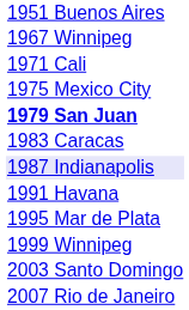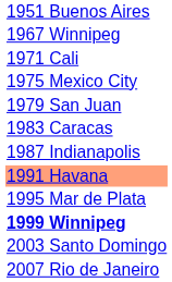 <table>
 <tr>
 <td><a href='#'>1951 Buenos Aires</a></td>
 <td></td>
 <td></td>
 <td></td>
 </tr>
 <tr>
 <td><a href='#'>1967 Winnipeg</a></td>
 <td></td>
 <td></td>
 <td></td>
 </tr>
 <tr>
 <td><a href='#'>1971 Cali</a></td>
 <td></td>
 <td></td>
 <td></td>
 </tr>
 <tr>
 <td><a href='#'>1975 Mexico City</a></td>
 <td></td>
 <td></td>
 <td></td>
 </tr>
 <tr>
-<td><strong><a href='#'>1979 San Juan</a></strong></td>
+<td><a href='#'>1979 San Juan</a></td>
 <td></td>
 <td></td>
 <td></td>
 </tr>
 <tr>
 <td><a href='#'>1983 Caracas</a></td>
 <td></td>
 <td></td>
 <td></td>
 </tr>
 <tr>
-<td style="background: lavender;"><a href='#'>1987 Indianapolis</a></td>
+<td><a href='#'>1987 Indianapolis</a></td>
 <td></td>
 <td></td>
 <td></td>
 </tr>
 <tr>
-<td><a href='#'>1991 Havana</a></td>
+<td style="background: lightsalmon;"><a href='#'>1991 Havana</a></td>
 <td></td>
 <td></td>
 <td></td>
 </tr>
 <tr>
 <td><a href='#'>1995 Mar de Plata</a></td>
 <td></td>
 <td></td>
 <td></td>
 </tr>
 <tr>
-<td><a href='#'>1999 Winnipeg</a></td>
+<td><strong><a href='#'>1999 Winnipeg</a></strong></td>
 <td></td>
 <td></td>
 <td></td>
 </tr>
 <tr>
 <td><a href='#'>2003 Santo Domingo</a></td>
 <td></td>
 <td></td>
 <td></td>
 </tr>
 <tr>
 <td><a href='#'>2007 Rio de Janeiro</a></td>
 <td></td>
 <td></td>
 <td></td>
 </tr>
 </table>
